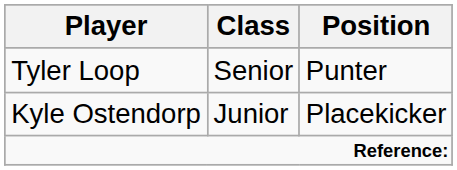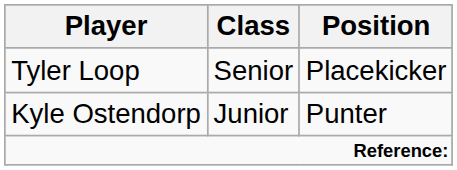 <table class="wikitable">
 <tr>
 <th style="text-align:center; ">Player</th>
 <th style="text-align:center; ">Class</th>
 <th style="text-align:center; ">Position</th>
 </tr>
 <tr>
 <td>Tyler Loop</td>
 <td>Senior</td>
-<td>Punter</td>
+<td>Placekicker</td>
 </tr>
 <tr>
 <td>Kyle Ostendorp</td>
 <td>Junior</td>
-<td>Placekicker</td>
+<td>Punter</td>
 </tr>
 <tr>
 <td colspan="4"  style="font-size:8pt; text-align:right;"><strong>Reference:</strong></td>
 </tr>
 </table>
